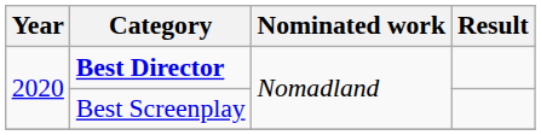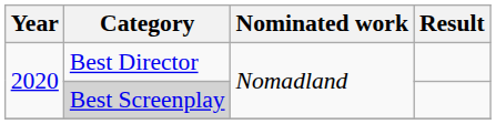 <table class="wikitable">
 <tr>
 <th>Year</th>
 <th>Category</th>
 <th>Nominated work</th>
 <th>Result</th>
 </tr>
 <tr>
 <td rowspan="2"><a href='#'>2020</a></td>
-<td><strong><a href='#'>Best Director</a></strong></td>
+<td><a href='#'>Best Director</a></td>
 <td rowspan=2><em>Nomadland</em></td>
 <td></td>
 </tr>
 <tr>
-<td><a href='#'>Best Screenplay</a></td>
+<td style="background: lightgrey;"><a href='#'>Best Screenplay</a></td>
 <td></td>
 </tr>
 <tr>
 </tr>
 </table>
